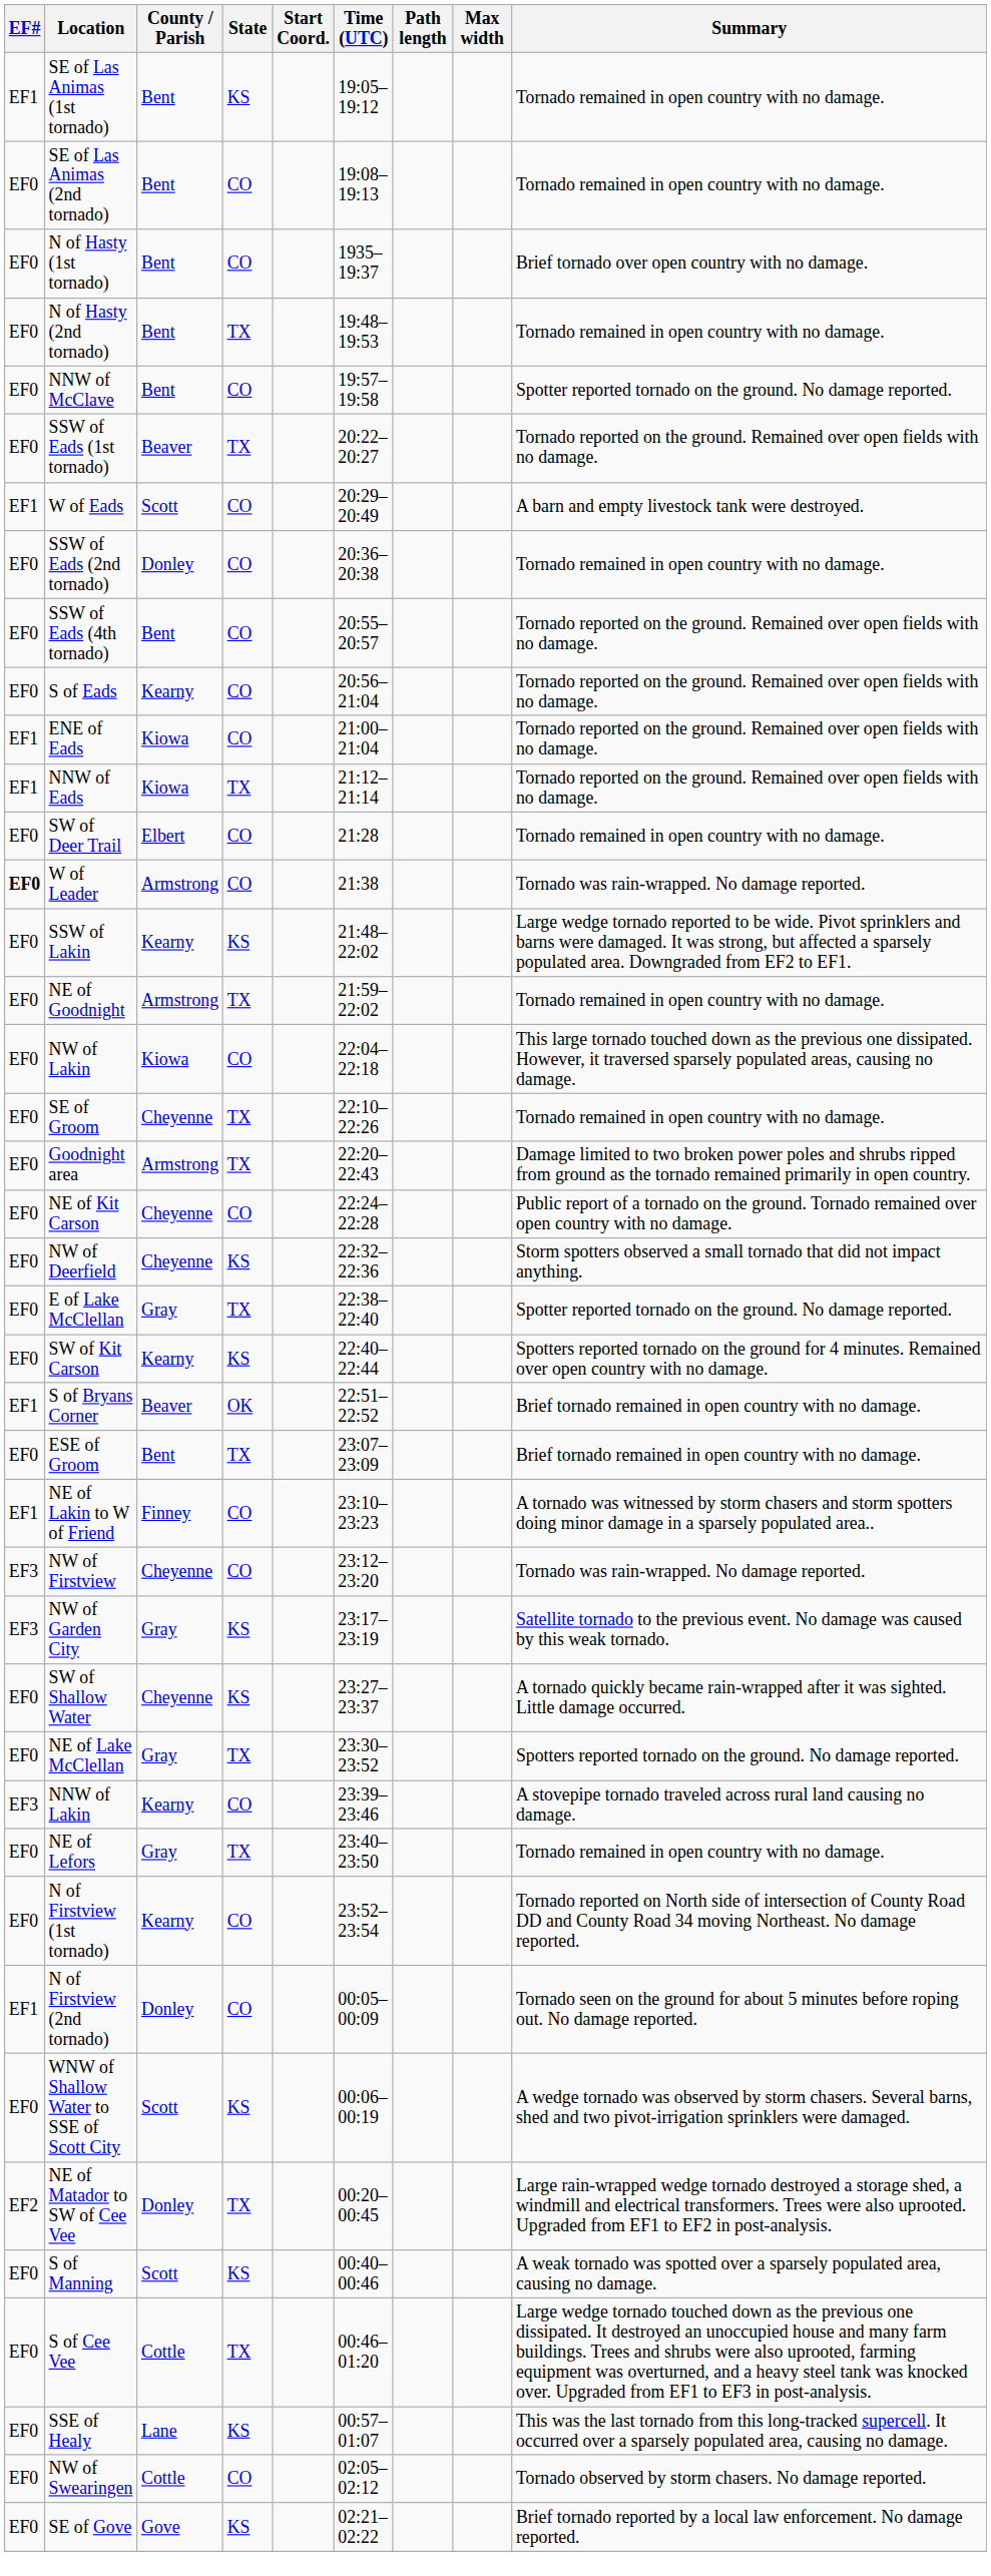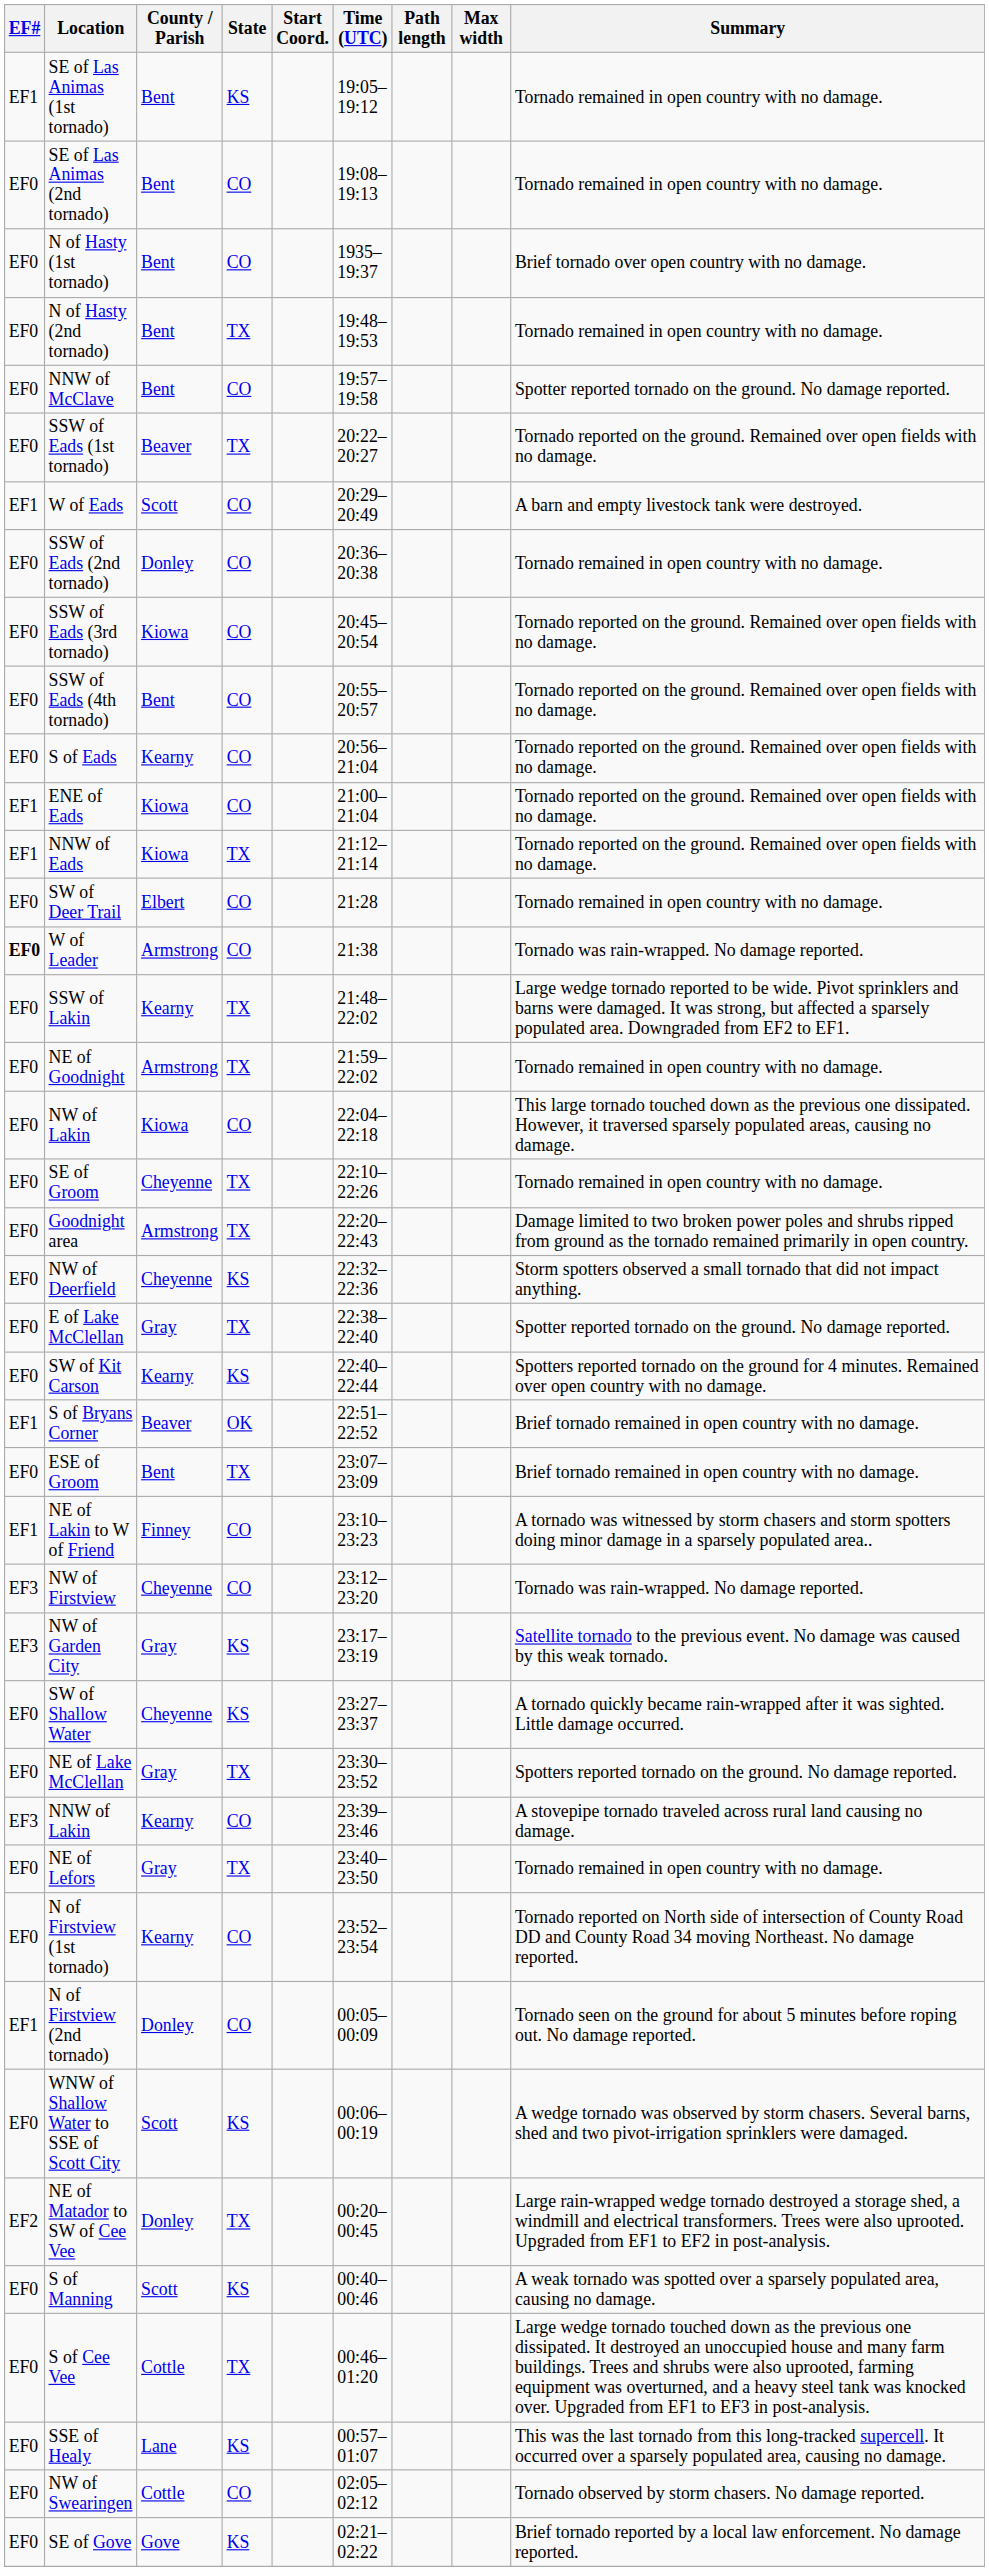 <table class="wikitable sortable" style="width:100%;">
 <tr>
 <th scope="col" width="3%" align="center"><a href='#'>EF#</a></th>
 <th scope="col" width="7%" align="center" class="unsortable">Location</th>
 <th scope="col" width="6%" align="center" class="unsortable">County / Parish</th>
 <th scope="col" width="5%" align="center">State</th>
 <th scope="col" width="6%" align="center">Start Coord.</th>
 <th scope="col" width="6%" align="center">Time (<a href='#'>UTC</a>)</th>
 <th scope="col" width="6%" align="center">Path length</th>
 <th scope="col" width="6%" align="center">Max width</th>
 <th scope="col" width="48%" class="unsortable" align="center">Summary</th>
 </tr>
 <tr>
 <td>EF1</td>
 <td>SE of <a href='#'>Las Animas</a> (1st tornado)</td>
 <td><a href='#'>Bent</a></td>
 <td><a href='#'>KS</a></td>
 <td></td>
 <td>19:05–19:12</td>
 <td></td>
 <td></td>
 <td>Tornado remained in open country with no damage.</td>
 </tr>
 <tr>
 <td>EF0</td>
 <td>SE of <a href='#'>Las Animas</a> (2nd tornado)</td>
 <td><a href='#'>Bent</a></td>
 <td><a href='#'>CO</a></td>
 <td></td>
 <td>19:08–19:13</td>
 <td></td>
 <td></td>
 <td>Tornado remained in open country with no damage.</td>
 </tr>
 <tr>
 <td>EF0</td>
 <td>N of <a href='#'>Hasty</a> (1st tornado)</td>
 <td><a href='#'>Bent</a></td>
 <td><a href='#'>CO</a></td>
 <td></td>
 <td>1935–19:37</td>
 <td></td>
 <td></td>
 <td>Brief tornado over open country with no damage.</td>
 </tr>
 <tr>
 <td>EF0</td>
 <td>N of <a href='#'>Hasty</a> (2nd tornado)</td>
 <td><a href='#'>Bent</a></td>
 <td><a href='#'>TX</a></td>
 <td></td>
 <td>19:48–19:53</td>
 <td></td>
 <td></td>
 <td>Tornado remained in open country with no damage.</td>
 </tr>
 <tr>
 <td>EF0</td>
 <td>NNW of <a href='#'>McClave</a></td>
 <td><a href='#'>Bent</a></td>
 <td><a href='#'>CO</a></td>
 <td></td>
 <td>19:57–19:58</td>
 <td></td>
 <td></td>
 <td>Spotter reported tornado on the ground. No damage reported.</td>
 </tr>
 <tr>
 <td>EF0</td>
 <td>SSW of <a href='#'>Eads</a> (1st tornado)</td>
 <td><a href='#'>Beaver</a></td>
 <td><a href='#'>TX</a></td>
 <td></td>
 <td>20:22–20:27</td>
 <td></td>
 <td></td>
 <td>Tornado reported on the ground. Remained over open fields with no damage.</td>
 </tr>
 <tr>
 <td>EF1</td>
 <td>W of <a href='#'>Eads</a></td>
 <td><a href='#'>Scott</a></td>
 <td><a href='#'>CO</a></td>
 <td></td>
 <td>20:29–20:49</td>
 <td></td>
 <td></td>
 <td>A barn and empty livestock tank were destroyed.</td>
 </tr>
 <tr>
 <td>EF0</td>
 <td>SSW of <a href='#'>Eads</a> (2nd tornado)</td>
 <td><a href='#'>Donley</a></td>
 <td><a href='#'>CO</a></td>
 <td></td>
 <td>20:36–20:38</td>
 <td></td>
 <td></td>
 <td>Tornado remained in open country with no damage.</td>
 </tr>
 <tr>
 <td>EF0</td>
+<td>SSW of <a href='#'>Eads</a> (3rd tornado)</td>
+<td><a href='#'>Kiowa</a></td>
+<td><a href='#'>CO</a></td>
+<td></td>
+<td>20:45–20:54</td>
+<td></td>
+<td></td>
+<td>Tornado reported on the ground. Remained over open fields with no damage.</td>
+</tr>
+<tr>
+<td>EF0</td>
 <td>SSW of <a href='#'>Eads</a> (4th tornado)</td>
 <td><a href='#'>Bent</a></td>
 <td><a href='#'>CO</a></td>
 <td></td>
 <td>20:55–20:57</td>
 <td></td>
 <td></td>
 <td>Tornado reported on the ground. Remained over open fields with no damage.</td>
 </tr>
 <tr>
 <td>EF0</td>
 <td>S of <a href='#'>Eads</a></td>
 <td><a href='#'>Kearny</a></td>
 <td><a href='#'>CO</a></td>
 <td></td>
 <td>20:56–21:04</td>
 <td></td>
 <td></td>
 <td>Tornado reported on the ground. Remained over open fields with no damage.</td>
 </tr>
 <tr>
 <td>EF1</td>
 <td>ENE of <a href='#'>Eads</a></td>
 <td><a href='#'>Kiowa</a></td>
 <td><a href='#'>CO</a></td>
 <td></td>
 <td>21:00–21:04</td>
 <td></td>
 <td></td>
 <td>Tornado reported on the ground. Remained over open fields with no damage.</td>
 </tr>
 <tr>
 <td>EF1</td>
 <td>NNW of <a href='#'>Eads</a></td>
 <td><a href='#'>Kiowa</a></td>
 <td><a href='#'>TX</a></td>
 <td></td>
 <td>21:12–21:14</td>
 <td></td>
 <td></td>
 <td>Tornado reported on the ground. Remained over open fields with no damage.</td>
 </tr>
 <tr>
 <td>EF0</td>
 <td>SW of <a href='#'>Deer Trail</a></td>
 <td><a href='#'>Elbert</a></td>
 <td><a href='#'>CO</a></td>
 <td></td>
 <td>21:28</td>
 <td></td>
 <td></td>
 <td>Tornado remained in open country with no damage.</td>
 </tr>
 <tr>
 <td><strong>EF0</strong></td>
 <td>W of <a href='#'>Leader</a></td>
 <td><a href='#'>Armstrong</a></td>
 <td><a href='#'>CO</a></td>
 <td></td>
 <td>21:38</td>
 <td></td>
 <td></td>
 <td>Tornado was rain-wrapped. No damage reported.</td>
 </tr>
 <tr>
 <td>EF0</td>
 <td>SSW of <a href='#'>Lakin</a></td>
 <td><a href='#'>Kearny</a></td>
-<td><a href='#'>KS</a></td>
+<td><a href='#'>TX</a></td>
 <td></td>
 <td>21:48–22:02</td>
 <td></td>
 <td></td>
 <td>Large wedge tornado reported to be  wide. Pivot sprinklers and barns were damaged. It was strong, but affected a sparsely populated area. Downgraded from EF2 to EF1.</td>
 </tr>
 <tr>
 <td>EF0</td>
 <td>NE of <a href='#'>Goodnight</a></td>
 <td><a href='#'>Armstrong</a></td>
 <td><a href='#'>TX</a></td>
 <td></td>
 <td>21:59–22:02</td>
 <td></td>
 <td></td>
 <td>Tornado remained in open country with no damage.</td>
 </tr>
 <tr>
 <td>EF0</td>
 <td>NW of <a href='#'>Lakin</a></td>
 <td><a href='#'>Kiowa</a></td>
 <td><a href='#'>CO</a></td>
 <td></td>
 <td>22:04–22:18</td>
 <td></td>
 <td></td>
 <td>This large tornado touched down as the previous one dissipated. However, it traversed sparsely populated areas, causing no damage.</td>
 </tr>
 <tr>
 <td>EF0</td>
 <td>SE of <a href='#'>Groom</a></td>
 <td><a href='#'>Cheyenne</a></td>
 <td><a href='#'>TX</a></td>
 <td></td>
 <td>22:10–22:26</td>
 <td></td>
 <td></td>
 <td>Tornado remained in open country with no damage.</td>
 </tr>
 <tr>
 <td>EF0</td>
 <td><a href='#'>Goodnight</a> area</td>
 <td><a href='#'>Armstrong</a></td>
 <td><a href='#'>TX</a></td>
 <td></td>
 <td>22:20–22:43</td>
 <td></td>
 <td></td>
 <td>Damage limited to two broken power poles and shrubs ripped from ground as the tornado remained primarily in open country.</td>
-</tr>
-<tr>
-<td>EF0</td>
-<td>NE of <a href='#'>Kit Carson</a></td>
-<td><a href='#'>Cheyenne</a></td>
-<td><a href='#'>CO</a></td>
-<td></td>
-<td>22:24–22:28</td>
-<td></td>
-<td></td>
-<td>Public report of a tornado on the ground. Tornado remained over open country with no damage.</td>
 </tr>
 <tr>
 <td>EF0</td>
 <td>NW of <a href='#'>Deerfield</a></td>
 <td><a href='#'>Cheyenne</a></td>
 <td><a href='#'>KS</a></td>
 <td></td>
 <td>22:32–22:36</td>
 <td></td>
 <td></td>
 <td>Storm spotters observed a small tornado that did not impact anything.</td>
 </tr>
 <tr>
 <td>EF0</td>
 <td>E of <a href='#'>Lake McClellan</a></td>
 <td><a href='#'>Gray</a></td>
 <td><a href='#'>TX</a></td>
 <td></td>
 <td>22:38–22:40</td>
 <td></td>
 <td></td>
 <td>Spotter reported tornado on the ground. No damage reported.</td>
 </tr>
 <tr>
 <td>EF0</td>
 <td>SW of <a href='#'>Kit Carson</a></td>
 <td><a href='#'>Kearny</a></td>
 <td><a href='#'>KS</a></td>
 <td></td>
 <td>22:40–22:44</td>
 <td></td>
 <td></td>
 <td>Spotters reported tornado on the ground for 4 minutes. Remained over open country with no damage.</td>
 </tr>
 <tr>
 <td>EF1</td>
 <td>S of <a href='#'>Bryans Corner</a></td>
 <td><a href='#'>Beaver</a></td>
 <td><a href='#'>OK</a></td>
 <td></td>
 <td>22:51–22:52</td>
 <td></td>
 <td></td>
 <td>Brief tornado remained in open country with no damage.</td>
 </tr>
 <tr>
 <td>EF0</td>
 <td>ESE of <a href='#'>Groom</a></td>
 <td><a href='#'>Bent</a></td>
 <td><a href='#'>TX</a></td>
 <td></td>
 <td>23:07–23:09</td>
 <td></td>
 <td></td>
 <td>Brief tornado remained in open country with no damage.</td>
 </tr>
 <tr>
 <td>EF1</td>
 <td>NE of <a href='#'>Lakin</a> to W of <a href='#'>Friend</a></td>
 <td><a href='#'>Finney</a></td>
 <td><a href='#'>CO</a></td>
 <td></td>
 <td>23:10–23:23</td>
 <td></td>
 <td></td>
 <td>A tornado was witnessed by storm chasers and storm spotters doing minor damage in a sparsely populated area..</td>
 </tr>
 <tr>
 <td>EF3</td>
 <td>NW of <a href='#'>Firstview</a></td>
 <td><a href='#'>Cheyenne</a></td>
 <td><a href='#'>CO</a></td>
 <td></td>
 <td>23:12–23:20</td>
 <td></td>
 <td></td>
 <td>Tornado was rain-wrapped. No damage reported.</td>
 </tr>
 <tr>
 <td>EF3</td>
 <td>NW of <a href='#'>Garden City</a></td>
 <td><a href='#'>Gray</a></td>
 <td><a href='#'>KS</a></td>
 <td></td>
 <td>23:17–23:19</td>
 <td></td>
 <td></td>
 <td><a href='#'>Satellite tornado</a> to the previous event. No damage was caused by this weak tornado.</td>
 </tr>
 <tr>
 <td>EF0</td>
 <td>SW of <a href='#'>Shallow Water</a></td>
 <td><a href='#'>Cheyenne</a></td>
 <td><a href='#'>KS</a></td>
 <td></td>
 <td>23:27–23:37</td>
 <td></td>
 <td></td>
 <td>A tornado quickly became rain-wrapped after it was sighted. Little damage occurred.</td>
 </tr>
 <tr>
 <td>EF0</td>
 <td>NE of <a href='#'>Lake McClellan</a></td>
 <td><a href='#'>Gray</a></td>
 <td><a href='#'>TX</a></td>
 <td></td>
 <td>23:30–23:52</td>
 <td></td>
 <td></td>
 <td>Spotters reported tornado on the ground. No damage reported.</td>
 </tr>
 <tr>
 <td>EF3</td>
 <td>NNW of <a href='#'>Lakin</a></td>
 <td><a href='#'>Kearny</a></td>
 <td><a href='#'>CO</a></td>
 <td></td>
 <td>23:39–23:46</td>
 <td></td>
 <td></td>
 <td>A stovepipe tornado traveled across rural land causing no damage.</td>
 </tr>
 <tr>
 <td>EF0</td>
 <td>NE of <a href='#'>Lefors</a></td>
 <td><a href='#'>Gray</a></td>
 <td><a href='#'>TX</a></td>
 <td></td>
 <td>23:40–23:50</td>
 <td></td>
 <td></td>
 <td>Tornado remained in open country with no damage.</td>
 </tr>
 <tr>
 <td>EF0</td>
 <td>N of <a href='#'>Firstview</a> (1st tornado)</td>
 <td><a href='#'>Kearny</a></td>
 <td><a href='#'>CO</a></td>
 <td></td>
 <td>23:52–23:54</td>
 <td></td>
 <td></td>
 <td>Tornado reported on North side of intersection of County Road DD and County Road 34 moving Northeast. No damage reported.</td>
 </tr>
 <tr>
 <td>EF1</td>
 <td>N of <a href='#'>Firstview</a> (2nd tornado)</td>
 <td><a href='#'>Donley</a></td>
 <td><a href='#'>CO</a></td>
 <td></td>
 <td>00:05–00:09</td>
 <td></td>
 <td></td>
 <td>Tornado seen on the ground for about 5 minutes before roping out. No damage reported.</td>
 </tr>
 <tr>
 <td>EF0</td>
 <td>WNW of <a href='#'>Shallow Water</a> to SSE of <a href='#'>Scott City</a></td>
 <td><a href='#'>Scott</a></td>
 <td><a href='#'>KS</a></td>
 <td></td>
 <td>00:06–00:19</td>
 <td></td>
 <td></td>
 <td>A wedge tornado was observed by storm chasers. Several barns, shed and two pivot-irrigation sprinklers were damaged.</td>
 </tr>
 <tr>
 <td>EF2</td>
 <td>NE of <a href='#'>Matador</a> to SW of <a href='#'>Cee Vee</a></td>
 <td><a href='#'>Donley</a></td>
 <td><a href='#'>TX</a></td>
 <td></td>
 <td>00:20–00:45</td>
 <td></td>
 <td></td>
 <td>Large rain-wrapped wedge tornado destroyed a storage shed, a windmill and electrical transformers. Trees were also uprooted. Upgraded from EF1 to EF2 in post-analysis.</td>
 </tr>
 <tr>
 <td>EF0</td>
 <td>S of <a href='#'>Manning</a></td>
 <td><a href='#'>Scott</a></td>
 <td><a href='#'>KS</a></td>
 <td></td>
 <td>00:40–00:46</td>
 <td></td>
 <td></td>
 <td>A weak tornado was spotted over a sparsely populated area, causing no damage.</td>
 </tr>
 <tr>
 <td>EF0</td>
 <td>S of <a href='#'>Cee Vee</a></td>
 <td><a href='#'>Cottle</a></td>
 <td><a href='#'>TX</a></td>
 <td></td>
 <td>00:46–01:20</td>
 <td></td>
 <td></td>
 <td>Large wedge tornado touched down as the previous one dissipated. It destroyed an unoccupied house and many farm buildings. Trees and shrubs were also uprooted, farming equipment was overturned, and a heavy steel tank was knocked over. Upgraded from EF1 to EF3 in post-analysis.</td>
 </tr>
 <tr>
 <td>EF0</td>
 <td>SSE of <a href='#'>Healy</a></td>
 <td><a href='#'>Lane</a></td>
 <td><a href='#'>KS</a></td>
 <td></td>
 <td>00:57–01:07</td>
 <td></td>
 <td></td>
 <td>This was the last tornado from this long-tracked <a href='#'>supercell</a>. It occurred over a sparsely populated area, causing no damage.</td>
 </tr>
 <tr>
 <td>EF0</td>
 <td>NW of <a href='#'>Swearingen</a></td>
 <td><a href='#'>Cottle</a></td>
 <td><a href='#'>CO</a></td>
 <td></td>
 <td>02:05–02:12</td>
 <td></td>
 <td></td>
 <td>Tornado observed by storm chasers. No damage reported.</td>
 </tr>
 <tr>
 <td>EF0</td>
 <td>SE of <a href='#'>Gove</a></td>
 <td><a href='#'>Gove</a></td>
 <td><a href='#'>KS</a></td>
 <td></td>
 <td>02:21–02:22</td>
 <td></td>
 <td></td>
 <td>Brief tornado reported by a local law enforcement. No damage reported.</td>
 </tr>
 <tr>
 </tr>
 </table>
